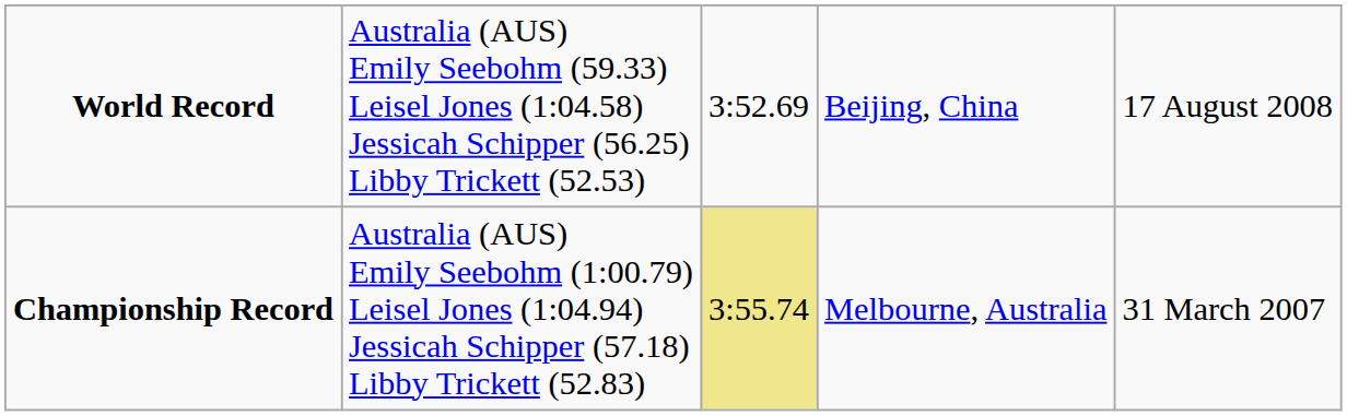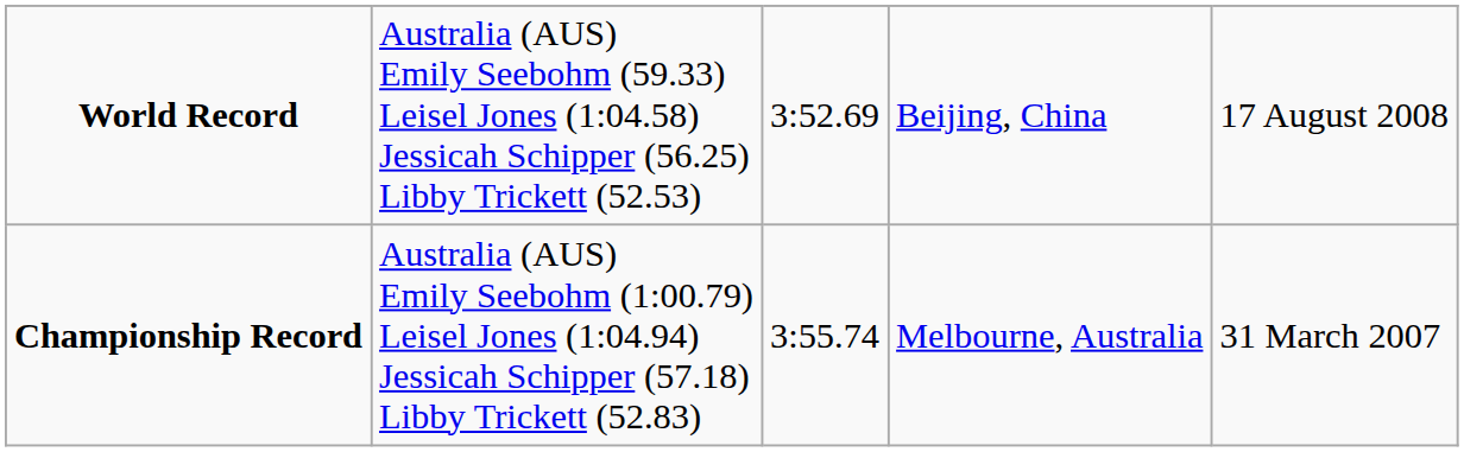 <table class="wikitable" border="1" align="center">
 <tr>
 <td align="center"><strong>World Record</strong></td>
 <td> <a href='#'>Australia</a> (AUS)<br><a href='#'>Emily Seebohm</a> (59.33)<br><a href='#'>Leisel Jones</a> (1:04.58)<br><a href='#'>Jessicah Schipper</a> (56.25)<br><a href='#'>Libby Trickett</a> (52.53)</td>
 <td>3:52.69</td>
 <td><a href='#'>Beijing</a>, <a href='#'>China</a></td>
 <td>17 August 2008</td>
 </tr>
 <tr>
 <td align="center"><strong>Championship Record</strong></td>
 <td> <a href='#'>Australia</a> (AUS)<br><a href='#'>Emily Seebohm</a> (1:00.79)<br><a href='#'>Leisel Jones</a> (1:04.94)<br><a href='#'>Jessicah Schipper</a> (57.18)<br><a href='#'>Libby Trickett</a> (52.83)</td>
-<td style="background: khaki;">3:55.74</td>
+<td>3:55.74</td>
 <td><a href='#'>Melbourne</a>, <a href='#'>Australia</a></td>
 <td>31 March 2007</td>
 </tr>
 </table>
